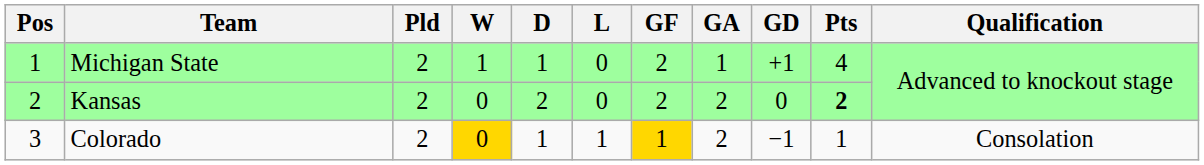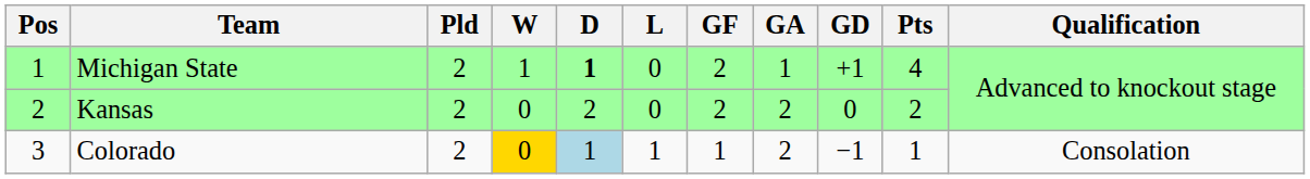 <table class="wikitable" style="text-align:center; margin: 1em auto">
 <tr>
 <th style="width:2em">Pos</th>
 <th style="width:13em">Team</th>
 <th style="width:2em">Pld</th>
 <th style="width:2em">W</th>
 <th style="width:2em">D</th>
 <th style="width:2em">L</th>
 <th style="width:2em">GF</th>
 <th style="width:2em">GA</th>
 <th style="width:2em">GD</th>
 <th style="width:2em">Pts</th>
 <th style="width:13em">Qualification</th>
 </tr>
 <tr bgcolor="#9eff9e">
 <td>1</td>
 <td style="text-align:left">Michigan State</td>
 <td>2</td>
 <td>1</td>
-<td>1</td>
+<td><strong>1</strong></td>
 <td>0</td>
 <td>2</td>
 <td>1</td>
 <td>+1</td>
 <td>4</td>
 <td rowspan="2">Advanced to knockout stage</td>
 </tr>
 <tr bgcolor="#9eff9e">
 <td>2</td>
 <td style="text-align:left">Kansas</td>
 <td>2</td>
 <td>0</td>
 <td>2</td>
 <td>0</td>
 <td>2</td>
 <td>2</td>
 <td>0</td>
-<td><strong>2</strong></td>
+<td>2</td>
 </tr>
 <tr>
 <td>3</td>
 <td style="text-align:left">Colorado</td>
 <td>2</td>
 <td style="background: gold;">0</td>
+<td style="background: lightblue;">1</td>
 <td>1</td>
 <td>1</td>
-<td style="background: gold;">1</td>
 <td>2</td>
 <td>−1</td>
 <td>1</td>
 <td>Consolation</td>
 </tr>
 </table>
